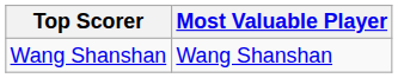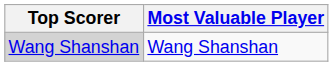 <table class="wikitable" style="margin: 0 auto;">
 <tr>
 <th>Top Scorer</th>
 <th><a href='#'>Most Valuable Player</a></th>
 </tr>
 <tr>
-<td> <a href='#'>Wang Shanshan</a></td>
+<td style="background: lightgrey;"> <a href='#'>Wang Shanshan</a></td>
 <td> <a href='#'>Wang Shanshan</a></td>
 </tr>
 </table>
